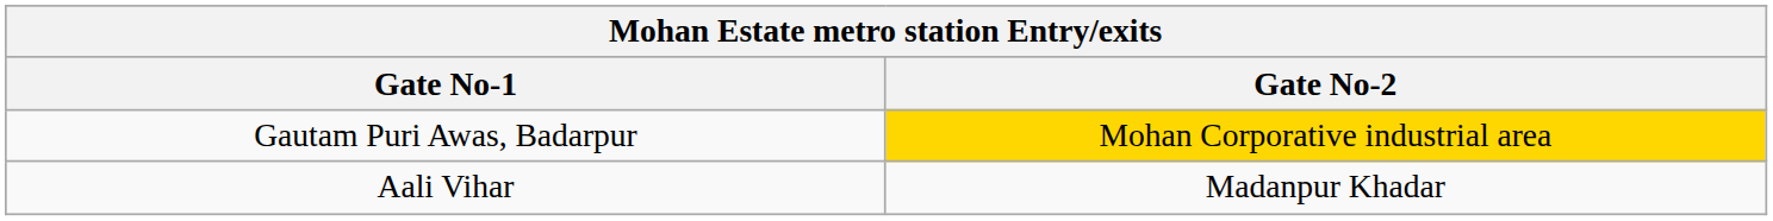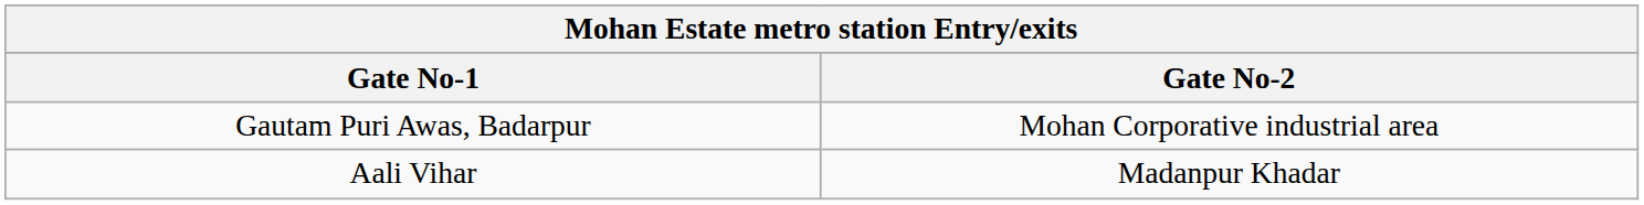 <table class="wikitable" style="text-align: center;" width="68%">
 <tr>
 <th align="center" colspan="3" style="background:#"><span>Mohan Estate metro station Entry/exits</span></th>
 </tr>
 <tr>
 <th style="width:15%;">Gate No-1</th>
 <th style="width:15%;">Gate No-2</th>
 </tr>
 <tr>
 <td>Gautam Puri Awas, Badarpur</td>
-<td style="background: gold;">Mohan Corporative industrial area</td>
+<td>Mohan Corporative industrial area</td>
 </tr>
 <tr>
 <td>Aali Vihar</td>
 <td>Madanpur Khadar</td>
 </tr>
 </table>
